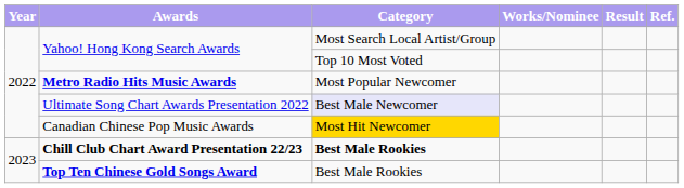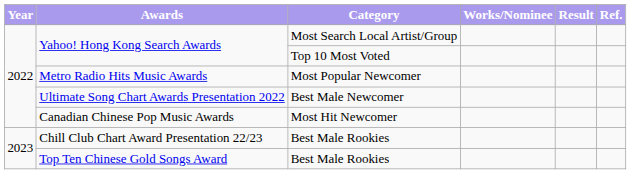 <table class="wikitable">
 <tr>
 <th style="background: #aa9aee; color: white;">Year</th>
 <th style="background: #aa9aee; color: white;">Awards</th>
 <th style="background: #aa9aee; color: white;">Category</th>
 <th style="background: #aa9aee; color: white;">Works/Nominee</th>
 <th style="background: #aa9aee; color: white;">Result</th>
 <th style="background: #aa9aee; color: white;">Ref.</th>
 </tr>
 <tr>
 <td rowspan="5">2022</td>
 <td rowspan="2"><a href='#'>Yahoo! Hong Kong Search Awards</a></td>
 <td>Most Search Local Artist/Group</td>
 <td></td>
 <td></td>
 <td></td>
 </tr>
 <tr>
 <td>Top 10 Most Voted</td>
 <td></td>
 <td></td>
 <td></td>
 </tr>
 <tr>
-<td><strong><a href='#'>Metro Radio Hits Music Awards</a></strong></td>
+<td><a href='#'>Metro Radio Hits Music Awards</a></td>
 <td>Most Popular Newcomer</td>
 <td></td>
 <td></td>
 <td></td>
 </tr>
 <tr>
 <td><a href='#'>Ultimate Song Chart Awards Presentation 2022</a></td>
-<td style="background: lavender;">Best Male Newcomer</td>
+<td>Best Male Newcomer</td>
 <td></td>
 <td></td>
 <td></td>
 </tr>
 <tr>
 <td>Canadian Chinese Pop Music Awards</td>
-<td style="background: gold;">Most Hit Newcomer</td>
+<td>Most Hit Newcomer</td>
 <td></td>
 <td></td>
 <td></td>
 </tr>
 <tr>
 <td rowspan="2">2023</td>
-<td><strong>Chill Club Chart Award Presentation 22/23</strong></td>
-<td><strong>Best Male Rookies</strong></td>
+<td>Chill Club Chart Award Presentation 22/23</td>
+<td>Best Male Rookies</td>
 <td></td>
 <td></td>
 <td></td>
 </tr>
 <tr>
-<td><strong><a href='#'>Top Ten Chinese Gold Songs Award</a></strong></td>
+<td><a href='#'>Top Ten Chinese Gold Songs Award</a></td>
 <td>Best Male Rookies</td>
 <td></td>
 <td></td>
 <td></td>
 </tr>
 </table>
